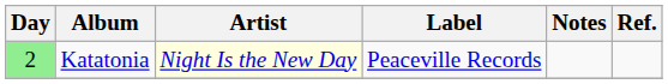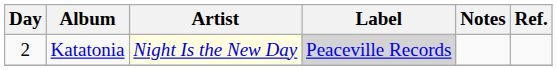 <table class="wikitable">
 <tr>
 <th>Day</th>
 <th>Album</th>
 <th>Artist</th>
 <th>Label</th>
 <th>Notes</th>
 <th>Ref.</th>
 </tr>
 <tr>
-<td rowspan="1" style="background: lightgreen; text-align:center;">2</td>
+<td rowspan="1" style="text-align:center;">2</td>
 <td><a href='#'>Katatonia</a></td>
 <td style="background: lightyellow;"><em><a href='#'>Night Is the New Day</a></em></td>
-<td><a href='#'>Peaceville Records</a></td>
+<td style="background: lightgrey;"><a href='#'>Peaceville Records</a></td>
 <td></td>
 <td></td>
 </tr>
 <tr>
 </tr>
 </table>
